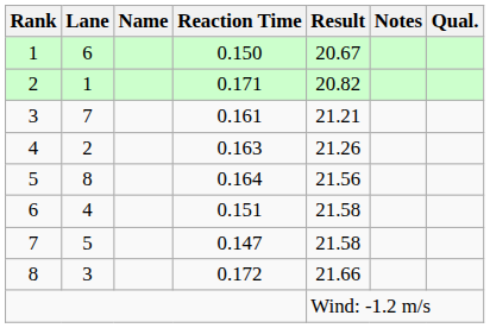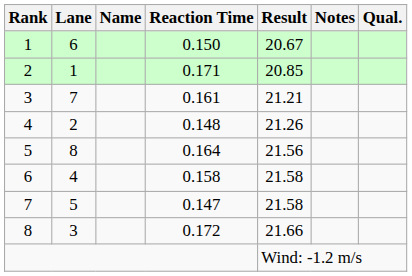 <table class="wikitable sortable" style="text-align:center">
 <tr>
 <th>Rank</th>
 <th>Lane</th>
 <th>Name</th>
 <th>Reaction Time</th>
 <th>Result</th>
 <th>Notes</th>
 <th>Qual.</th>
 </tr>
 <tr bgcolor=ccffcc>
 <td>1</td>
 <td>6</td>
 <td align="left"></td>
 <td>0.150</td>
 <td>20.67</td>
 <td></td>
 <td></td>
 </tr>
 <tr bgcolor=ccffcc>
 <td>2</td>
 <td>1</td>
 <td align="left"></td>
 <td>0.171</td>
-<td>20.82</td>
+<td>20.85</td>
 <td></td>
 <td></td>
 </tr>
 <tr>
 <td>3</td>
 <td>7</td>
 <td align="left"></td>
 <td>0.161</td>
 <td>21.21</td>
 <td></td>
 <td></td>
 </tr>
 <tr>
 <td>4</td>
 <td>2</td>
 <td align="left"></td>
-<td>0.163</td>
+<td>0.148</td>
 <td>21.26</td>
 <td></td>
 <td></td>
 </tr>
 <tr>
 <td>5</td>
 <td>8</td>
 <td align="left"></td>
 <td>0.164</td>
 <td>21.56</td>
 <td></td>
 <td></td>
 </tr>
 <tr>
 <td>6</td>
 <td>4</td>
 <td align="left"></td>
-<td>0.151</td>
+<td>0.158</td>
 <td>21.58</td>
 <td></td>
 <td></td>
 </tr>
 <tr>
 <td>7</td>
 <td>5</td>
 <td align="left"></td>
 <td>0.147</td>
 <td>21.58</td>
 <td></td>
 <td></td>
 </tr>
 <tr>
 <td>8</td>
 <td>3</td>
 <td align="left"></td>
 <td>0.172</td>
 <td>21.66</td>
 <td></td>
 <td></td>
 </tr>
 <tr class="sortbottom">
 <td colspan=4></td>
 <td colspan="3" style="text-align:left;">Wind: -1.2 m/s</td>
 </tr>
 </table>
